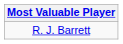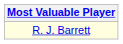 <table class=wikitable style="text-align:center; margin:auto">
 <tr>
 <th><a href='#'>Most Valuable Player</a></th>
 </tr>
 <tr>
-<td> <a href='#'>R. J. Barrett</a></td>
+<td style="background: lightyellow;"> <a href='#'>R. J. Barrett</a></td>
 </tr>
 </table>
